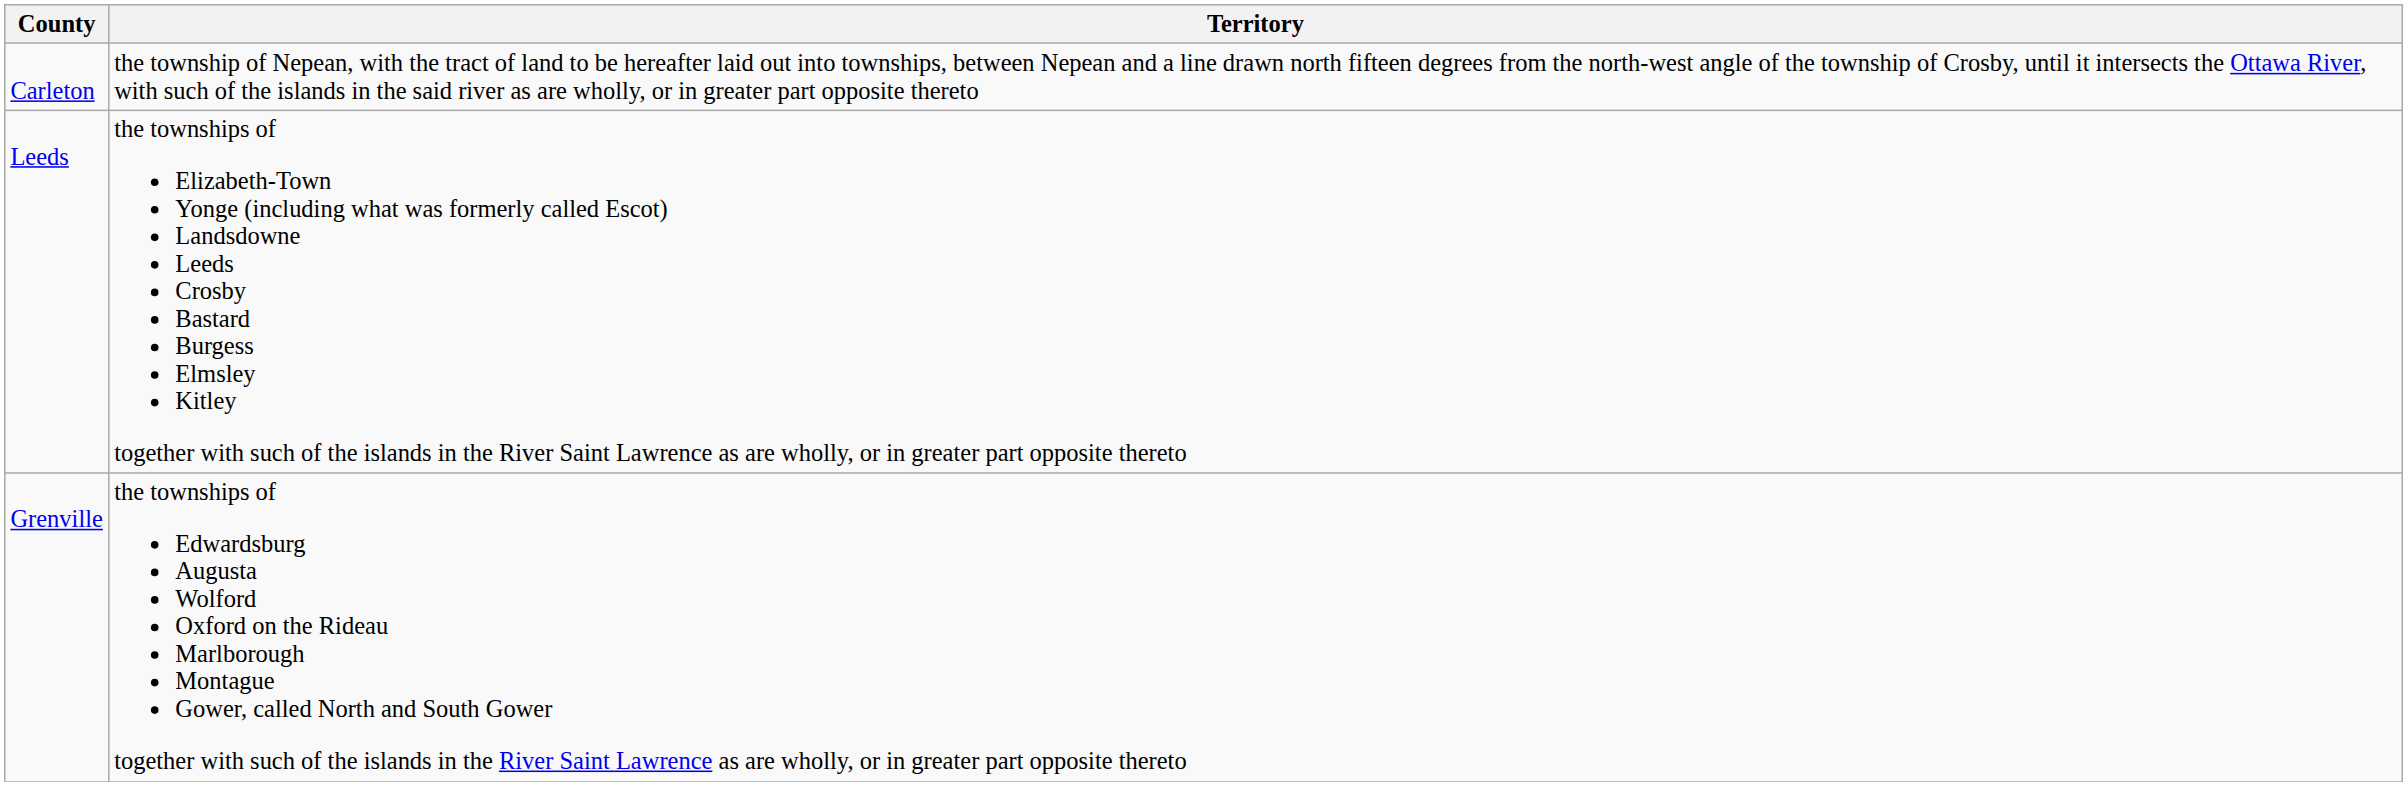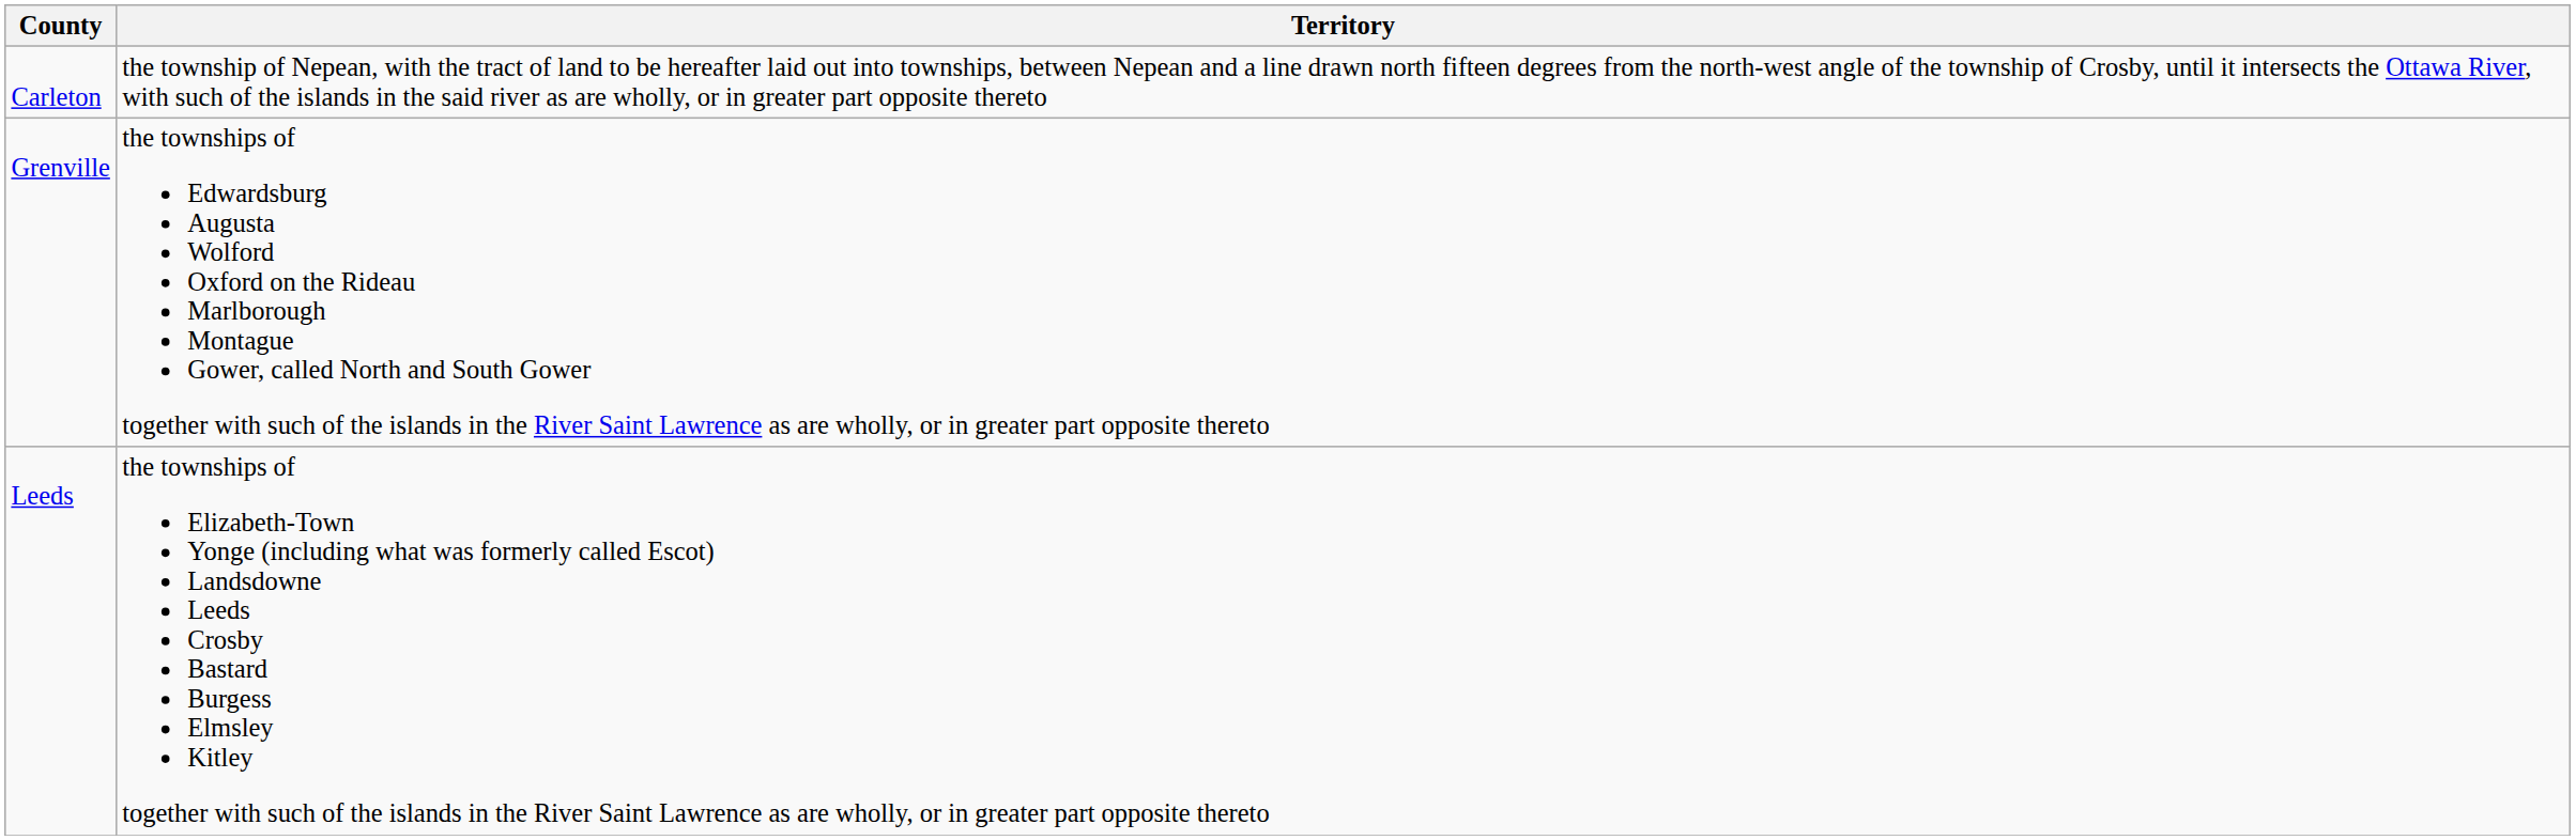 <table class="wikitable">
 <tr>
 <th>County</th>
 <th>Territory</th>
 </tr>
 <tr valign="top">
 <td><br><a href='#'>Carleton</a></td>
 <td>the township of Nepean, with the tract of land to be hereafter laid out into townships, between Nepean and a line drawn north fifteen degrees from the north-west angle of the township of Crosby, until it intersects the <a href='#'>Ottawa River</a>, with such of the islands in the said river as are wholly, or in greater part opposite thereto</td>
 </tr>
 <tr valign="top">
+<td><br><a href='#'>Grenville</a></td>
+<td>the townships of<br><ul><li>Edwardsburg</li><li>Augusta</li><li>Wolford</li><li>Oxford on the Rideau</li><li>Marlborough</li><li>Montague</li><li>Gower, called North and South Gower</li></ul> together with such of the islands in the <a href='#'>River Saint Lawrence</a> as are wholly, or in greater part opposite thereto</td>
+</tr>
+<tr valign="top">
 <td><br><a href='#'>Leeds</a></td>
 <td>the townships of<br><ul><li>Elizabeth-Town</li><li>Yonge (including what was formerly called Escot)</li><li>Landsdowne</li><li>Leeds</li><li>Crosby</li><li>Bastard</li><li>Burgess</li><li>Elmsley</li><li>Kitley</li></ul> together with such of the islands in the River Saint Lawrence as are wholly, or in greater part opposite thereto</td>
 </tr>
-<tr valign="top">
-<td><br><a href='#'>Grenville</a></td>
-<td>the townships of<br><ul><li>Edwardsburg</li><li>Augusta</li><li>Wolford</li><li>Oxford on the Rideau</li><li>Marlborough</li><li>Montague</li><li>Gower, called North and South Gower</li></ul> together with such of the islands in the <a href='#'>River Saint Lawrence</a> as are wholly, or in greater part opposite thereto</td>
-</tr>
 </table>
